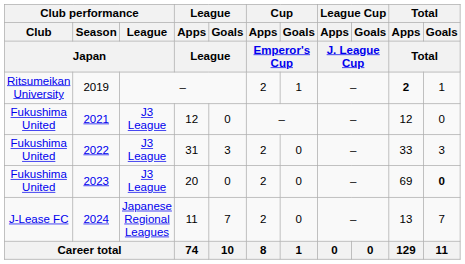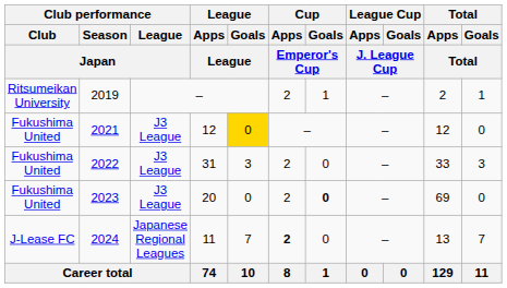 <table class="wikitable" style="text-align: center">
 <tr>
 <th colspan=3>Club performance</th>
 <th colspan=2>League</th>
 <th colspan=2>Cup</th>
 <th colspan=2>League Cup</th>
 <th colspan=2>Total</th>
 </tr>
 <tr>
 <th>Club</th>
 <th>Season</th>
 <th>League</th>
 <th>Apps</th>
 <th>Goals</th>
 <th>Apps</th>
 <th>Goals</th>
 <th>Apps</th>
 <th>Goals</th>
 <th>Apps</th>
 <th>Goals</th>
 </tr>
 <tr>
 <th colspan=3>Japan</th>
 <th colspan=2>League</th>
 <th colspan=2><a href='#'>Emperor's Cup</a></th>
 <th colspan=2><a href='#'>J. League Cup</a></th>
 <th colspan=2>Total</th>
 </tr>
 <tr>
 <td><a href='#'>Ritsumeikan University</a></td>
 <td>2019</td>
 <td colspan="3">–</td>
 <td>2</td>
 <td>1</td>
 <td colspan="2">–</td>
-<td><strong>2</strong></td>
+<td>2</td>
 <td>1</td>
 </tr>
 <tr>
 <td><a href='#'>Fukushima United</a></td>
 <td><a href='#'>2021</a></td>
 <td><a href='#'>J3 League</a></td>
 <td>12</td>
-<td>0</td>
+<td style="background: gold;">0</td>
 <td colspan="2">–</td>
 <td colspan="2">–</td>
 <td>12</td>
 <td>0</td>
 </tr>
 <tr>
 <td><a href='#'>Fukushima United</a></td>
 <td><a href='#'>2022</a></td>
 <td><a href='#'>J3 League</a></td>
 <td>31</td>
 <td>3</td>
 <td>2</td>
 <td>0</td>
 <td colspan="2">–</td>
 <td>33</td>
 <td>3</td>
 </tr>
 <tr>
 <td><a href='#'>Fukushima United</a></td>
 <td><a href='#'>2023</a></td>
 <td><a href='#'>J3 League</a></td>
 <td>20</td>
 <td>0</td>
 <td>2</td>
-<td>0</td>
+<td><strong>0</strong></td>
 <td colspan="2">–</td>
 <td>69</td>
-<td><strong>0</strong></td>
+<td>0</td>
 </tr>
 <tr>
 <td><a href='#'>J-Lease FC</a></td>
 <td><a href='#'>2024</a></td>
 <td><a href='#'>Japanese Regional Leagues</a></td>
 <td>11</td>
 <td>7</td>
-<td>2</td>
+<td><strong>2</strong></td>
 <td>0</td>
 <td colspan="2">–</td>
 <td>13</td>
 <td>7</td>
 </tr>
 <tr>
 <th colspan=3>Career total</th>
 <th>74</th>
 <th>10</th>
 <th>8</th>
 <th>1</th>
 <th>0</th>
 <th>0</th>
 <th>129</th>
 <th>11</th>
 </tr>
 </table>
